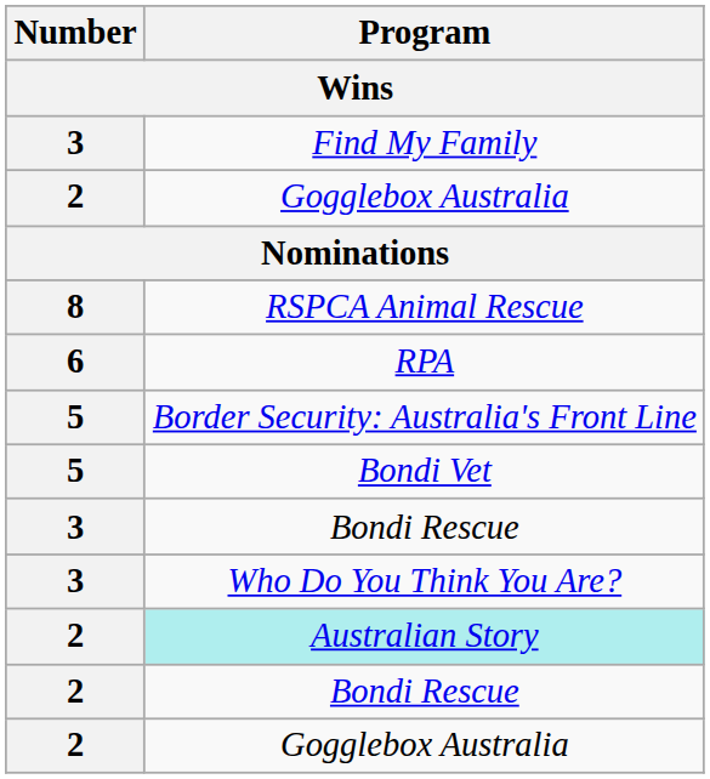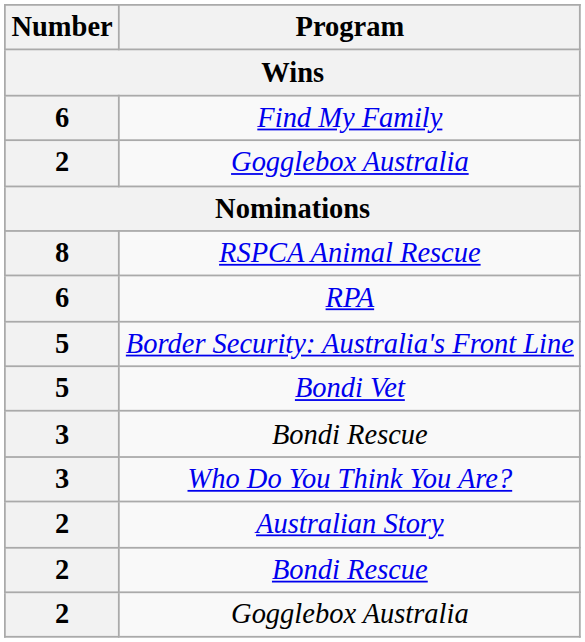 <table class="wikitable" style="text-align:center;">
 <tr>
 <th scope="col" style="width:55px;">Number</th>
 <th scope="col" style="text-align:center;">Program</th>
 </tr>
 <tr>
 <th colspan="2">Wins</th>
 </tr>
 <tr>
-<th scope="row" style="text-align:center;">3</th>
+<th scope="row" style="text-align:center;">6</th>
 <td><em><a href='#'>Find My Family</a></em></td>
 </tr>
 <tr>
 <th scope="row" style="text-align:center;">2</th>
 <td><em><a href='#'>Gogglebox Australia</a></em></td>
 </tr>
 <tr>
 <th colspan="2">Nominations</th>
 </tr>
 <tr>
 <th scope="row" style="text-align:center;">8</th>
 <td><em><a href='#'>RSPCA Animal Rescue</a></em></td>
 </tr>
 <tr>
 <th scope="row" style="text-align:center;">6</th>
 <td><em><a href='#'>RPA</a></em></td>
 </tr>
 <tr>
 <th scope="row" style="text-align:center;">5</th>
 <td><em><a href='#'>Border Security: Australia's Front Line</a></em></td>
 </tr>
 <tr>
 <th scope="row" style="text-align:center;">5</th>
 <td><em><a href='#'>Bondi Vet</a></em></td>
 </tr>
 <tr>
 <th scope="row" style="text-align:center;">3</th>
 <td><em>Bondi Rescue</em></td>
 </tr>
 <tr>
 <th scope="row" style="text-align:center;">3</th>
 <td><em><a href='#'>Who Do You Think You Are?</a></em></td>
 </tr>
 <tr>
 <th scope="row" style="text-align:center;">2</th>
-<td style="background: paleturquoise;"><em><a href='#'>Australian Story</a></em></td>
+<td><em><a href='#'>Australian Story</a></em></td>
 </tr>
 <tr>
 <th scope="row" style="text-align:center;">2</th>
 <td><em><a href='#'>Bondi Rescue</a></em></td>
 </tr>
 <tr>
 <th scope="row" style="text-align:center;">2</th>
 <td><em>Gogglebox Australia</em></td>
 </tr>
 </table>
